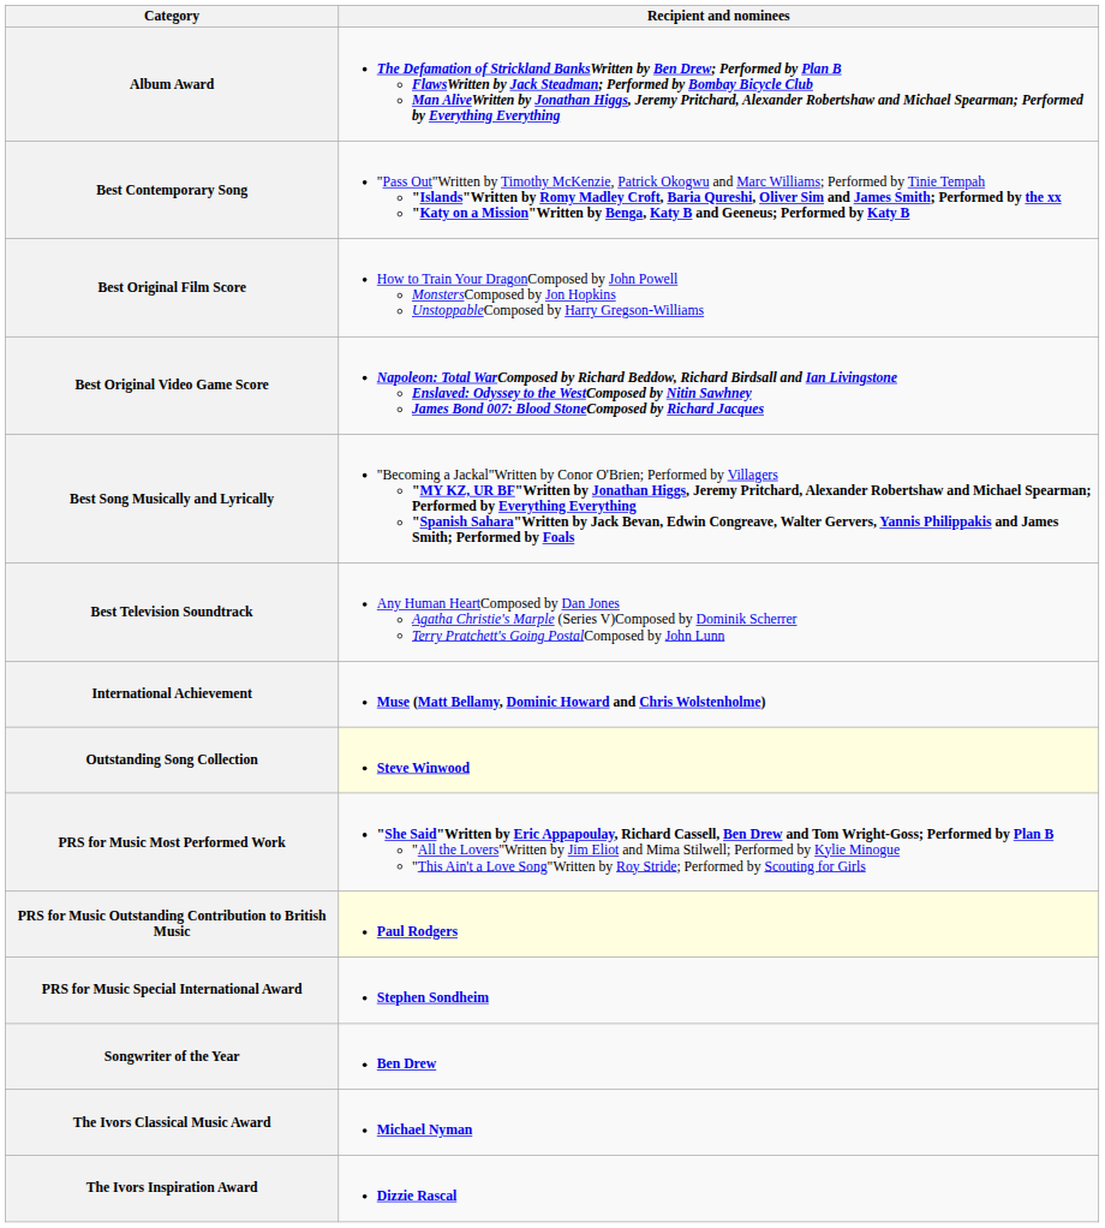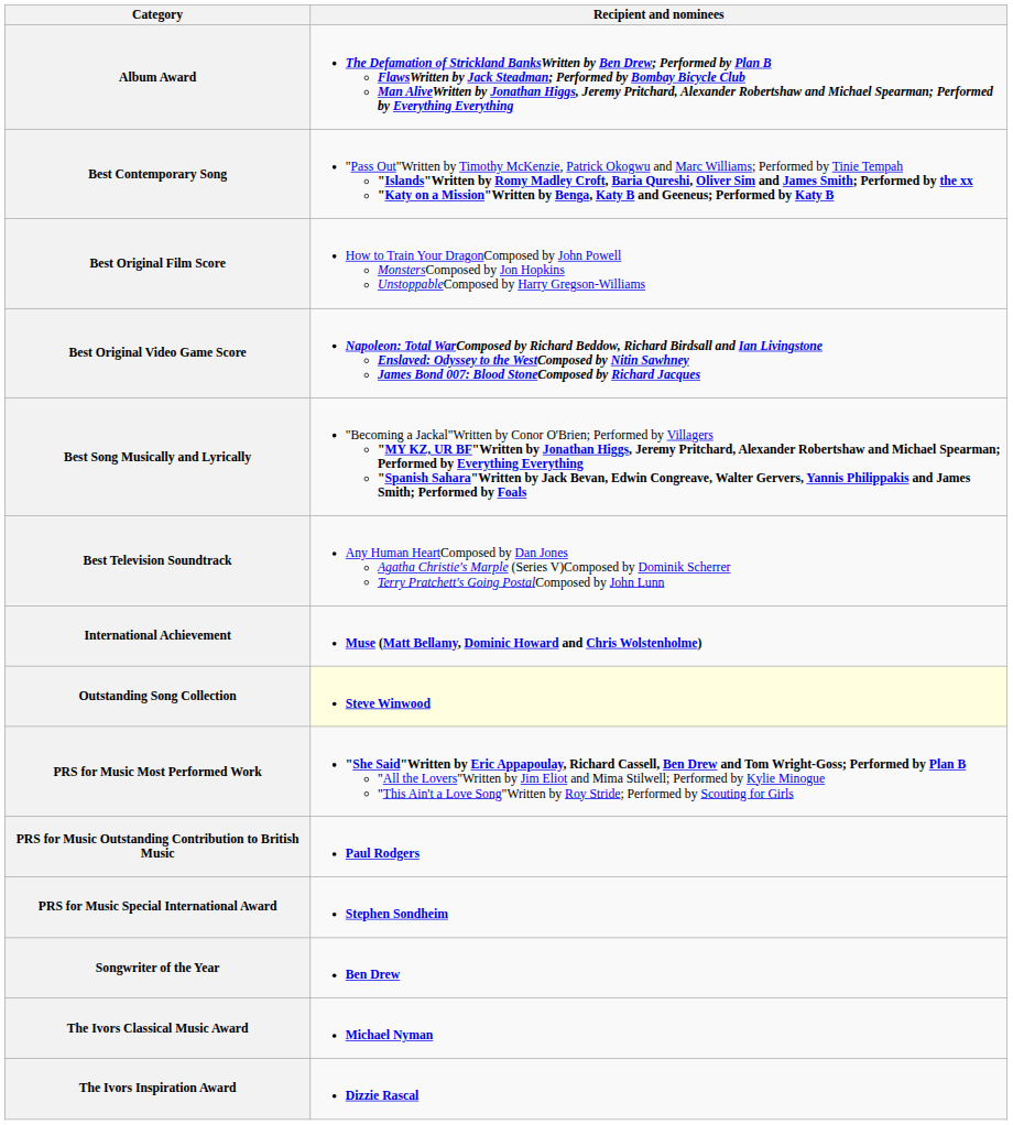 <table class="wikitable">
 <tr>
 <th width="25%">Category</th>
 <th width="57%">Recipient and nominees</th>
 </tr>
 <tr>
 <th scope="row">Album Award</th>
 <td><br><ul><li><strong><em><a href='#'>The Defamation of Strickland Banks</a><em>Written by <a href='#'>Ben Drew</a>; Performed by <a href='#'>Plan B</a><strong><ul><li></em><a href='#'>Flaws</a><em>Written by <a href='#'>Jack Steadman</a>; Performed by <a href='#'>Bombay Bicycle Club</a></li><li></em><a href='#'>Man Alive</a><em>Written by <a href='#'>Jonathan Higgs</a>, Jeremy Pritchard, Alexander Robertshaw and Michael Spearman; Performed by <a href='#'>Everything Everything</a></li></ul></li></ul></td>
 </tr>
 <tr>
 <th scope="row">Best Contemporary Song</th>
 <td><br><ul><li></strong>"<a href='#'>Pass Out</a>"Written by <a href='#'>Timothy McKenzie</a>, <a href='#'>Patrick Okogwu</a> and <a href='#'>Marc Williams</a>; Performed by <a href='#'>Tinie Tempah</a><strong><ul><li>"<a href='#'>Islands</a>"Written by <a href='#'>Romy Madley Croft</a>, <a href='#'>Baria Qureshi</a>, <a href='#'>Oliver Sim</a> and <a href='#'>James Smith</a>; Performed by <a href='#'>the xx</a></li><li>"<a href='#'>Katy on a Mission</a>"Written by <a href='#'>Benga</a>, <a href='#'>Katy B</a> and Geeneus; Performed by <a href='#'>Katy B</a></li></ul></li></ul></td>
 </tr>
 <tr>
 <th scope="row">Best Original Film Score</th>
 <td><br><ul><li></em></strong><a href='#'>How to Train Your Dragon</a></em>Composed by <a href='#'>John Powell</a></strong><ul><li><em><a href='#'>Monsters</a></em>Composed by <a href='#'>Jon Hopkins</a></li><li><em><a href='#'>Unstoppable</a></em>Composed by <a href='#'>Harry Gregson-Williams</a></li></ul></li></ul></td>
 </tr>
 <tr>
 <th scope="row">Best Original Video Game Score</th>
 <td><br><ul><li><strong><em><a href='#'>Napoleon: Total War</a><em>Composed by Richard Beddow, Richard Birdsall and <a href='#'>Ian Livingstone</a><strong><ul><li></em><a href='#'>Enslaved: Odyssey to the West</a><em>Composed by <a href='#'>Nitin Sawhney</a></li><li></em><a href='#'>James Bond 007: Blood Stone</a><em>Composed by <a href='#'>Richard Jacques</a></li></ul></li></ul></td>
 </tr>
 <tr>
 <th scope="row">Best Song Musically and Lyrically</th>
 <td><br><ul><li></strong>"Becoming a Jackal"Written by Conor O'Brien; Performed by <a href='#'>Villagers</a><strong><ul><li>"<a href='#'>MY KZ, UR BF</a>"Written by <a href='#'>Jonathan Higgs</a>, Jeremy Pritchard, Alexander Robertshaw and Michael Spearman; Performed by <a href='#'>Everything Everything</a></li><li>"<a href='#'>Spanish Sahara</a>"Written by Jack Bevan, Edwin Congreave, Walter Gervers, <a href='#'>Yannis Philippakis</a> and James Smith; Performed by <a href='#'>Foals</a></li></ul></li></ul></td>
 </tr>
 <tr>
 <th scope="row">Best Television Soundtrack</th>
 <td><br><ul><li></em></strong><a href='#'>Any Human Heart</a></em>Composed by <a href='#'>Dan Jones</a></strong><ul><li><em><a href='#'>Agatha Christie's Marple</a></em> (Series V)Composed by <a href='#'>Dominik Scherrer</a></li><li><em><a href='#'>Terry Pratchett's Going Postal</a></em>Composed by <a href='#'>John Lunn</a></li></ul></li></ul></td>
 </tr>
 <tr>
 <th scope="row">International Achievement</th>
 <td><br><ul><li><strong><a href='#'>Muse</a> (<a href='#'>Matt Bellamy</a>, <a href='#'>Dominic Howard</a> and <a href='#'>Chris Wolstenholme</a>)</strong></li></ul></td>
 </tr>
 <tr>
 <th scope="row">Outstanding Song Collection</th>
 <td style="background: lightyellow;"><br><ul><li><strong><a href='#'>Steve Winwood</a></strong></li></ul></td>
 </tr>
 <tr>
 <th scope="row">PRS for Music Most Performed Work</th>
 <td><br><ul><li><strong>"<a href='#'>She Said</a>"Written by <a href='#'>Eric Appapoulay</a>, Richard Cassell, <a href='#'>Ben Drew</a> and Tom Wright-Goss; Performed by <a href='#'>Plan B</a></strong><ul><li>"<a href='#'>All the Lovers</a>"Written by <a href='#'>Jim Eliot</a> and Mima Stilwell; Performed by <a href='#'>Kylie Minogue</a></li><li>"<a href='#'>This Ain't a Love Song</a>"Written by <a href='#'>Roy Stride</a>; Performed by <a href='#'>Scouting for Girls</a></li></ul></li></ul></td>
 </tr>
 <tr>
 <th scope="row">PRS for Music Outstanding Contribution to British Music</th>
-<td style="background: lightyellow;"><br><ul><li><strong><a href='#'>Paul Rodgers</a></strong></li></ul></td>
+<td><br><ul><li><strong><a href='#'>Paul Rodgers</a></strong></li></ul></td>
 </tr>
 <tr>
 <th scope="row">PRS for Music Special International Award</th>
 <td><br><ul><li><strong><a href='#'>Stephen Sondheim</a></strong></li></ul></td>
 </tr>
 <tr>
 <th scope="row">Songwriter of the Year</th>
 <td><br><ul><li><strong><a href='#'>Ben Drew</a></strong></li></ul></td>
 </tr>
 <tr>
 <th scope="row">The Ivors Classical Music Award</th>
 <td><br><ul><li><strong><a href='#'>Michael Nyman</a></strong></li></ul></td>
 </tr>
 <tr>
 <th scope="row">The Ivors Inspiration Award</th>
 <td><br><ul><li><strong><a href='#'>Dizzie Rascal</a></strong></li></ul></td>
 </tr>
 </table>
